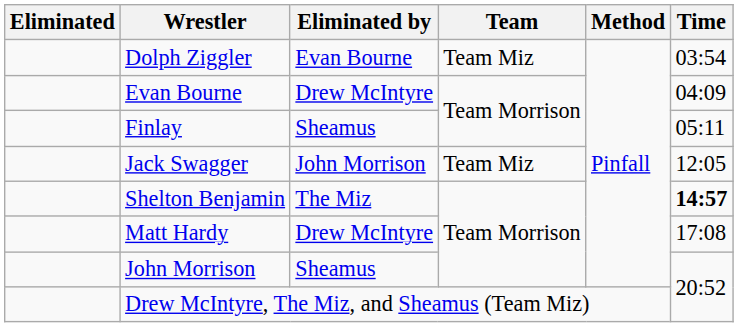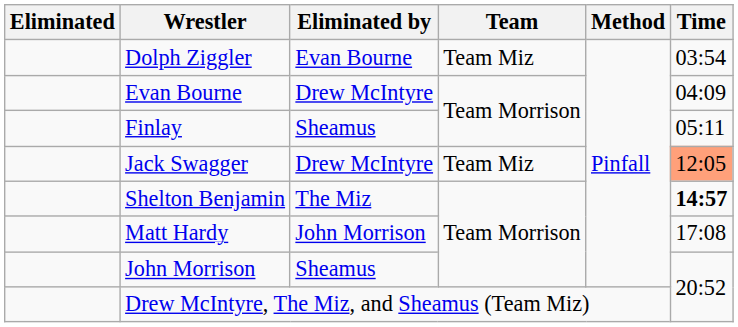 <table class="wikitable sortable">
 <tr>
 <th>Eliminated</th>
 <th>Wrestler</th>
 <th>Eliminated by</th>
 <th>Team</th>
 <th>Method</th>
 <th>Time</th>
 </tr>
 <tr>
 <td></td>
 <td><a href='#'>Dolph Ziggler</a></td>
 <td><a href='#'>Evan Bourne</a></td>
 <td>Team Miz</td>
 <td rowspan=7><a href='#'>Pinfall</a></td>
 <td>03:54</td>
 </tr>
 <tr>
 <td></td>
 <td><a href='#'>Evan Bourne</a></td>
 <td><a href='#'>Drew McIntyre</a></td>
 <td rowspan=2>Team Morrison</td>
 <td>04:09</td>
 </tr>
 <tr>
 <td></td>
 <td><a href='#'>Finlay</a></td>
 <td><a href='#'>Sheamus</a></td>
 <td>05:11</td>
 </tr>
 <tr>
 <td></td>
 <td><a href='#'>Jack Swagger</a></td>
-<td><a href='#'>John Morrison</a></td>
+<td><a href='#'>Drew McIntyre</a></td>
 <td>Team Miz</td>
-<td>12:05</td>
+<td style="background: lightsalmon;">12:05</td>
 </tr>
 <tr>
 <td></td>
 <td><a href='#'>Shelton Benjamin</a></td>
 <td><a href='#'>The Miz</a></td>
 <td rowspan=3>Team Morrison</td>
 <td><strong>14:57</strong></td>
 </tr>
 <tr>
 <td></td>
 <td><a href='#'>Matt Hardy</a></td>
-<td><a href='#'>Drew McIntyre</a></td>
+<td><a href='#'>John Morrison</a></td>
 <td>17:08</td>
 </tr>
 <tr>
 <td></td>
 <td><a href='#'>John Morrison</a></td>
 <td><a href='#'>Sheamus</a></td>
 <td rowspan=2>20:52</td>
 </tr>
 <tr>
 <td></td>
 <td colspan="4"><a href='#'>Drew McIntyre</a>, <a href='#'>The Miz</a>, and <a href='#'>Sheamus</a> (Team Miz)</td>
 </tr>
 </table>
